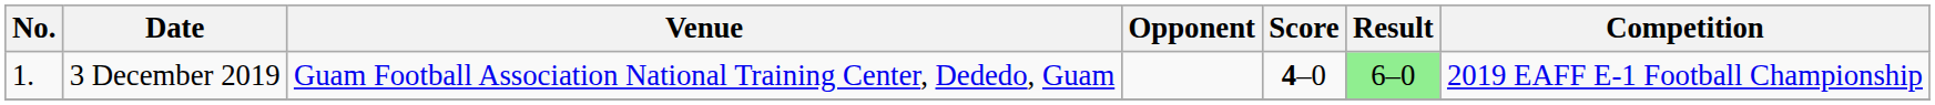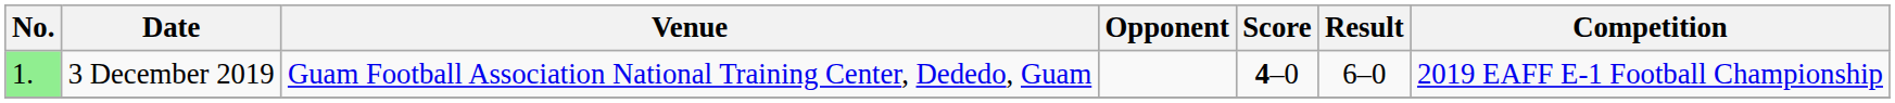 <table class="wikitable">
 <tr>
 <th>No.</th>
 <th>Date</th>
 <th>Venue</th>
 <th>Opponent</th>
 <th>Score</th>
 <th>Result</th>
 <th>Competition</th>
 </tr>
 <tr>
-<td>1.</td>
+<td style="background: lightgreen;">1.</td>
 <td>3 December 2019</td>
 <td><a href='#'>Guam Football Association National Training Center</a>, <a href='#'>Dededo</a>, <a href='#'>Guam</a></td>
 <td></td>
 <td align=center><strong>4</strong>–0</td>
-<td align=center style="background: lightgreen;">6–0</td>
+<td align=center>6–0</td>
 <td><a href='#'>2019 EAFF E-1 Football Championship</a></td>
 </tr>
 <tr>
 </tr>
 </table>
